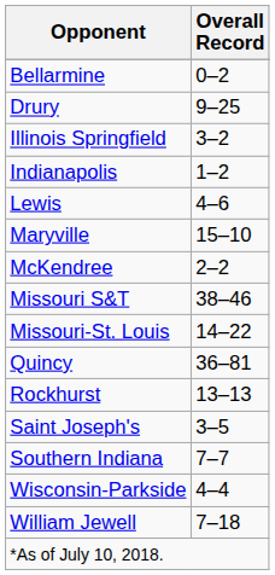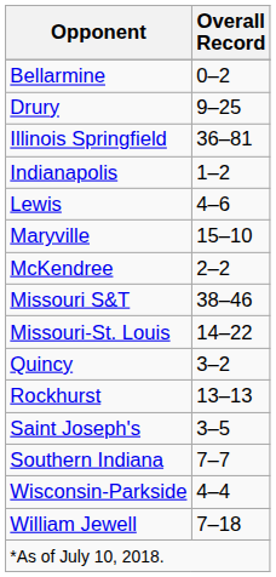 <table class="wikitable">
 <tr>
 <th>Opponent</th>
 <th>Overall<br> Record</th>
 </tr>
 <tr>
 </tr>
 <tr>
 <td><a href='#'>Bellarmine</a></td>
 <td>0–2</td>
 </tr>
 <tr>
 <td><a href='#'>Drury</a></td>
 <td>9–25</td>
 </tr>
 <tr>
 <td><a href='#'>Illinois Springfield</a></td>
-<td>3–2</td>
+<td>36–81</td>
 </tr>
 <tr>
 <td><a href='#'>Indianapolis</a></td>
 <td>1–2</td>
 </tr>
 <tr>
 <td><a href='#'>Lewis</a></td>
 <td>4–6</td>
 </tr>
 <tr>
 <td><a href='#'>Maryville</a></td>
 <td>15–10</td>
 </tr>
 <tr>
 <td><a href='#'>McKendree</a></td>
 <td>2–2</td>
 </tr>
 <tr>
 <td><a href='#'>Missouri S&T</a></td>
 <td>38–46</td>
 </tr>
 <tr>
 <td><a href='#'>Missouri-St. Louis</a></td>
 <td>14–22</td>
 </tr>
 <tr>
 <td><a href='#'>Quincy</a></td>
-<td>36–81</td>
+<td>3–2</td>
 </tr>
 <tr>
 <td><a href='#'>Rockhurst</a></td>
 <td>13–13</td>
 </tr>
 <tr>
 <td><a href='#'>Saint Joseph's</a></td>
 <td>3–5</td>
 </tr>
 <tr>
 <td><a href='#'>Southern Indiana</a></td>
 <td>7–7</td>
 </tr>
 <tr>
 <td><a href='#'>Wisconsin-Parkside</a></td>
 <td>4–4</td>
 </tr>
 <tr>
 <td><a href='#'>William Jewell</a></td>
 <td>7–18</td>
 </tr>
 <tr>
 <td colspan="15"><small>*As of July 10, 2018.</small></td>
 </tr>
 </table>
